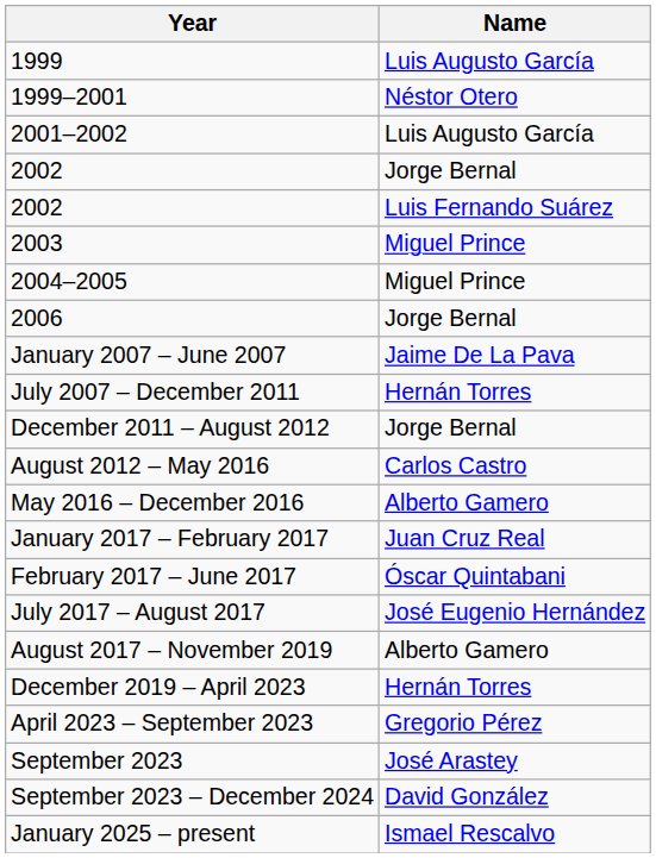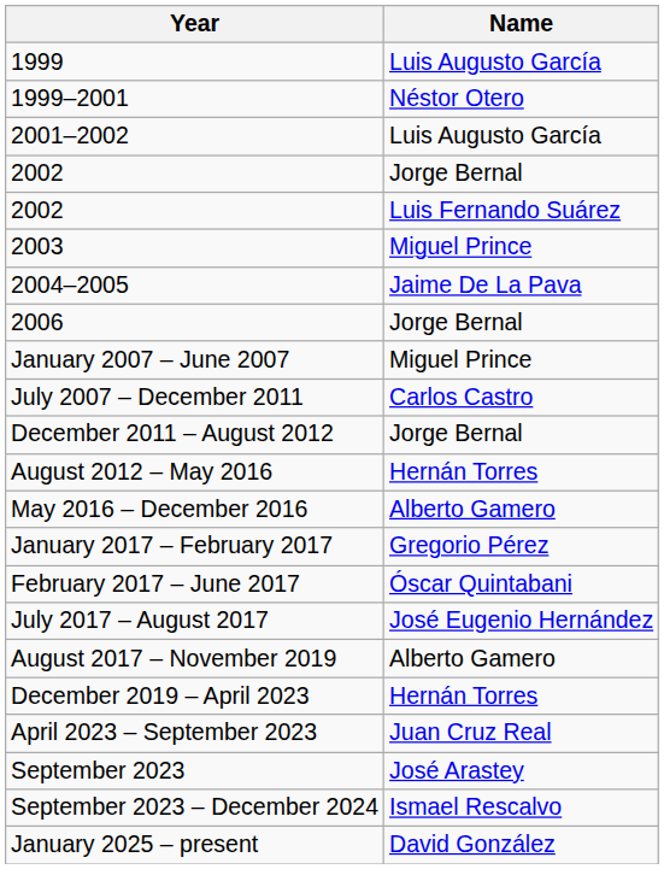 <table class="wikitable">
 <tr>
 <th>Year</th>
 <th>Name</th>
 </tr>
 <tr>
 <td>1999</td>
 <td> <a href='#'>Luis Augusto García</a></td>
 </tr>
 <tr>
 <td>1999–2001</td>
 <td> <a href='#'>Néstor Otero</a></td>
 </tr>
 <tr>
 <td>2001–2002</td>
 <td>  Luis Augusto García</td>
 </tr>
 <tr>
 <td>2002</td>
 <td> Jorge Bernal</td>
 </tr>
 <tr>
 <td>2002</td>
 <td>  <a href='#'>Luis Fernando Suárez</a></td>
 </tr>
 <tr>
 <td>2003</td>
 <td> <a href='#'>Miguel Prince</a></td>
 </tr>
 <tr>
 <td>2004–2005</td>
-<td> Miguel Prince</td>
+<td> <a href='#'>Jaime De La Pava</a></td>
 </tr>
 <tr>
 <td>2006</td>
 <td> Jorge Bernal</td>
 </tr>
 <tr>
 <td>January 2007 – June 2007</td>
-<td> <a href='#'>Jaime De La Pava</a></td>
+<td> Miguel Prince</td>
 </tr>
 <tr>
 <td>July 2007 – December 2011</td>
-<td> <a href='#'>Hernán Torres</a></td>
+<td> <a href='#'>Carlos Castro</a></td>
 </tr>
 <tr>
 <td>December 2011 – August 2012</td>
 <td> Jorge Bernal</td>
 </tr>
 <tr>
 <td>August 2012 – May 2016</td>
-<td> <a href='#'>Carlos Castro</a></td>
+<td> <a href='#'>Hernán Torres</a></td>
 </tr>
 <tr>
 <td>May 2016 – December 2016</td>
 <td> <a href='#'>Alberto Gamero</a></td>
 </tr>
 <tr>
 <td>January 2017 – February 2017</td>
-<td> <a href='#'>Juan Cruz Real</a></td>
+<td> <a href='#'>Gregorio Pérez</a></td>
 </tr>
 <tr>
 <td>February 2017 – June 2017</td>
 <td> <a href='#'>Óscar Quintabani</a></td>
 </tr>
 <tr>
 <td>July 2017 – August 2017</td>
 <td> <a href='#'>José Eugenio Hernández</a></td>
 </tr>
 <tr>
 <td>August 2017 – November 2019</td>
 <td> Alberto Gamero</td>
 </tr>
 <tr>
 <td>December 2019 – April 2023</td>
 <td> <a href='#'>Hernán Torres</a></td>
 </tr>
 <tr>
 <td>April 2023 – September 2023</td>
-<td> <a href='#'>Gregorio Pérez</a></td>
+<td> <a href='#'>Juan Cruz Real</a></td>
 </tr>
 <tr>
 <td>September 2023</td>
 <td> <a href='#'>José Arastey</a></td>
 </tr>
 <tr>
 <td>September 2023 – December 2024</td>
-<td> <a href='#'>David González</a></td>
+<td> <a href='#'>Ismael Rescalvo</a></td>
 </tr>
 <tr>
 <td>January 2025 – present</td>
-<td> <a href='#'>Ismael Rescalvo</a></td>
+<td> <a href='#'>David González</a></td>
 </tr>
 </table>
